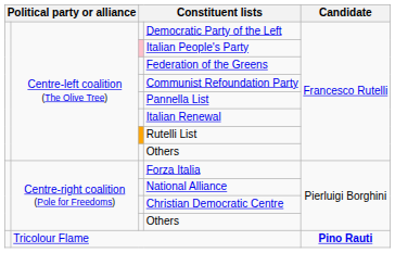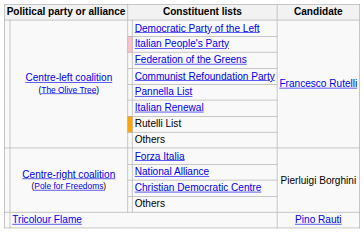 <table class=wikitable style="text-align:left">
 <tr>
 <th colspan=2>Political party or alliance</th>
 <th colspan=2>Constituent lists</th>
 <th>Candidate</th>
 </tr>
 <tr>
 <td rowspan=8 style="background-color:"></td>
 <td rowspan=8 style="text-align:center;"><a href='#'>Centre-left coalition</a><br><small>(<a href='#'>The Olive Tree</a>)</small></td>
 <td></td>
 <td style="text-align:left;"><a href='#'>Democratic Party of the Left</a></td>
 <td rowspan=8 style="text-align:center;"><a href='#'>Francesco Rutelli</a></td>
 </tr>
 <tr>
 <td bgcolor=pink></td>
 <td style="text-align:left;"><a href='#'>Italian People's Party</a></td>
 </tr>
 <tr>
 <td></td>
 <td style="text-align:left;"><a href='#'>Federation of the Greens</a></td>
 </tr>
 <tr>
 <td></td>
 <td style="text-align:left;"><a href='#'>Communist Refoundation Party</a></td>
 </tr>
 <tr>
 <td></td>
 <td style="text-align:left;"><a href='#'>Pannella List</a></td>
 </tr>
 <tr>
 <td></td>
 <td style="text-align:left;"><a href='#'>Italian Renewal</a></td>
 </tr>
 <tr>
 <td bgcolor=#FFA500></td>
 <td style="text-align=left;">Rutelli List</td>
 </tr>
 <tr>
 <td></td>
 <td style="text-align:left;">Others</td>
 </tr>
 <tr>
 <td rowspan=4 style="background-color:"></td>
 <td rowspan=4 style="text-align:center;"><a href='#'>Centre-right coalition</a><br><small>(<a href='#'>Pole for Freedoms</a>)</small></td>
 <td></td>
 <td style="text-align:left;"><a href='#'>Forza Italia</a></td>
 <td rowspan=4 style="text-align:center;">Pierluigi Borghini</td>
 </tr>
 <tr>
 <td></td>
 <td style="text-align:left;"><a href='#'>National Alliance</a></td>
 </tr>
 <tr>
 <td></td>
 <td style="text-align:left;"><a href='#'>Christian Democratic Centre</a></td>
 </tr>
 <tr>
 <td></td>
 <td style="text-align:left;">Others</td>
 </tr>
 <tr>
 <td style="background-color:"></td>
 <td colspan=3  style="text-align:left;"><a href='#'>Tricolour Flame</a></td>
-<td style="text-align:center;"><strong><a href='#'>Pino Rauti</a></strong></td>
+<td style="text-align:center;"><a href='#'>Pino Rauti</a></td>
 </tr>
 </table>
